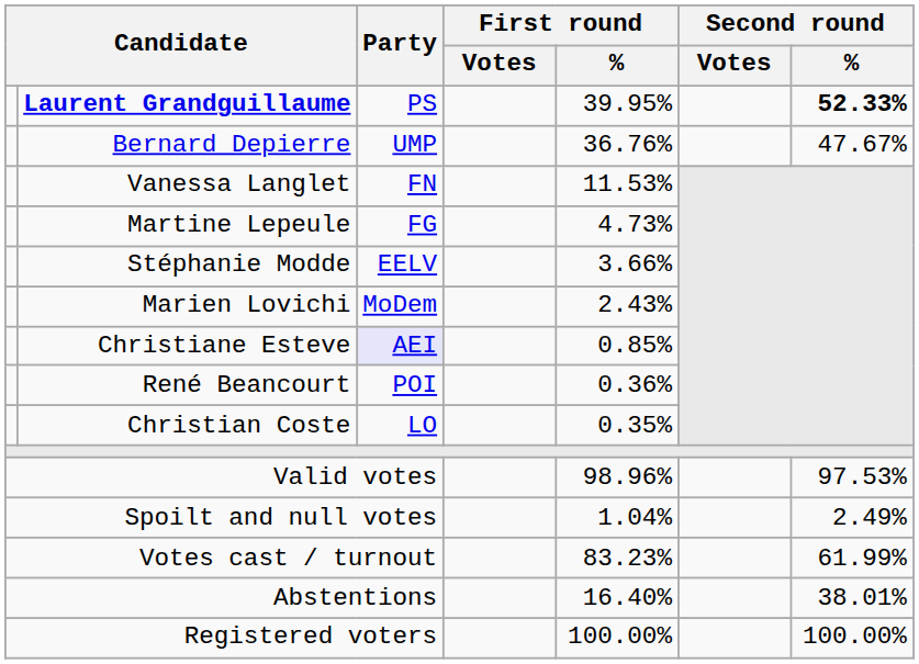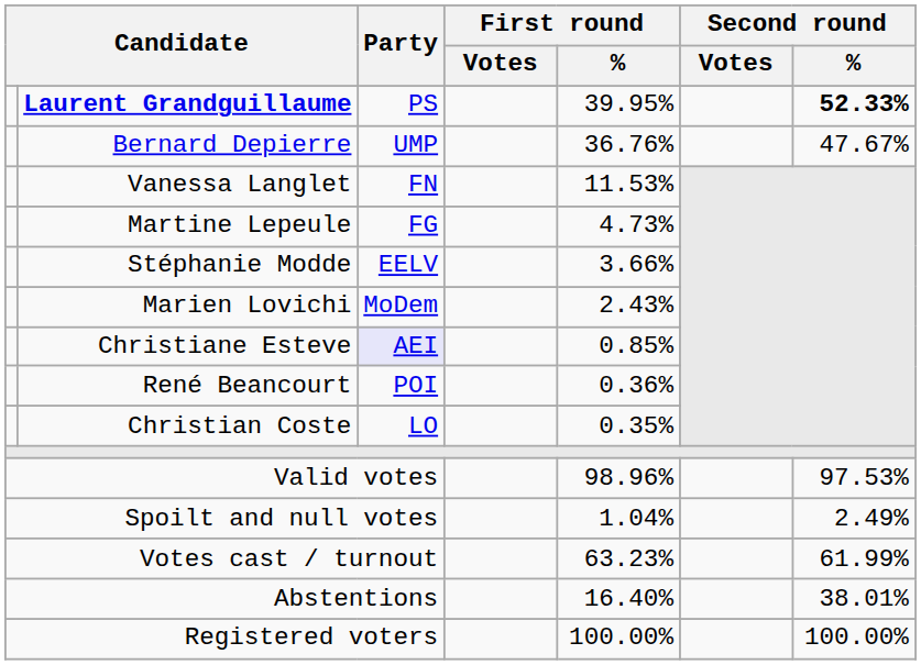 <table class="wikitable" style="text-align:right;font-size:95%;">
 <tr>
 <th rowspan=2 colspan=2>Candidate</th>
 <th rowspan=2 colspan=1>Party</th>
 <th colspan=2>First round</th>
 <th colspan=2>Second round</th>
 </tr>
 <tr>
 <th style="width:50px;">Votes</th>
 <th style="width:55px;">%</th>
 <th style="width:50px;">Votes</th>
 <th style="width:55px;">%</th>
 </tr>
 <tr>
 <td style="color:inherit;background-color:"></td>
 <td><strong><a href='#'>Laurent Grandguillaume</a></strong></td>
 <td><a href='#'>PS</a></td>
 <td></td>
 <td>39.95%</td>
 <td><strong></strong></td>
 <td><strong>52.33%</strong></td>
 </tr>
 <tr>
 <td style="color:inherit;background-color:"></td>
 <td><a href='#'>Bernard Depierre</a></td>
 <td><a href='#'>UMP</a></td>
 <td></td>
 <td>36.76%</td>
 <td></td>
 <td>47.67%</td>
 </tr>
 <tr>
 <td style="color:inherit;background-color:"></td>
 <td>Vanessa Langlet</td>
 <td><a href='#'>FN</a></td>
 <td></td>
 <td>11.53%</td>
 <td colspan=7 rowspan=7 style="background-color:#E9E9E9;"></td>
 </tr>
 <tr>
 <td style="color:inherit;background-color:"></td>
 <td>Martine Lepeule</td>
 <td><a href='#'>FG</a></td>
 <td></td>
 <td>4.73%</td>
 </tr>
 <tr>
 <td style="color:inherit;background-color:"></td>
 <td>Stéphanie Modde</td>
 <td><a href='#'>EELV</a></td>
 <td></td>
 <td>3.66%</td>
 </tr>
 <tr>
 <td style="color:inherit;background-color:"></td>
 <td>Marien Lovichi</td>
 <td><a href='#'>MoDem</a></td>
 <td></td>
 <td>2.43%</td>
 </tr>
 <tr>
 <td style="color:inherit;background-color:"></td>
 <td>Christiane Esteve</td>
 <td style="background: lavender;"><a href='#'>AEI</a></td>
 <td></td>
 <td>0.85%</td>
 </tr>
 <tr>
 <td style="color:inherit;background-color:"></td>
 <td>René Beancourt</td>
 <td><a href='#'>POI</a></td>
 <td></td>
 <td>0.36%</td>
 </tr>
 <tr>
 <td style="color:inherit;background-color:"></td>
 <td>Christian Coste</td>
 <td><a href='#'>LO</a></td>
 <td></td>
 <td>0.35%</td>
 </tr>
 <tr>
 <td colspan=7 style="background-color:#E9E9E9;"></td>
 </tr>
 <tr>
 <td colspan=3>Valid votes</td>
 <td></td>
 <td>98.96%</td>
 <td></td>
 <td>97.53%</td>
 </tr>
 <tr>
 <td colspan=3>Spoilt and null votes</td>
 <td></td>
 <td>1.04%</td>
 <td></td>
 <td>2.49%</td>
 </tr>
 <tr>
 <td colspan=3>Votes cast / turnout</td>
 <td></td>
-<td>83.23%</td>
+<td>63.23%</td>
 <td></td>
 <td>61.99%</td>
 </tr>
 <tr>
 <td colspan=3>Abstentions</td>
 <td></td>
 <td>16.40%</td>
 <td></td>
 <td>38.01%</td>
 </tr>
 <tr>
 <td colspan=3>Registered voters</td>
 <td></td>
 <td>100.00%</td>
 <td></td>
 <td>100.00%</td>
 </tr>
 </table>
